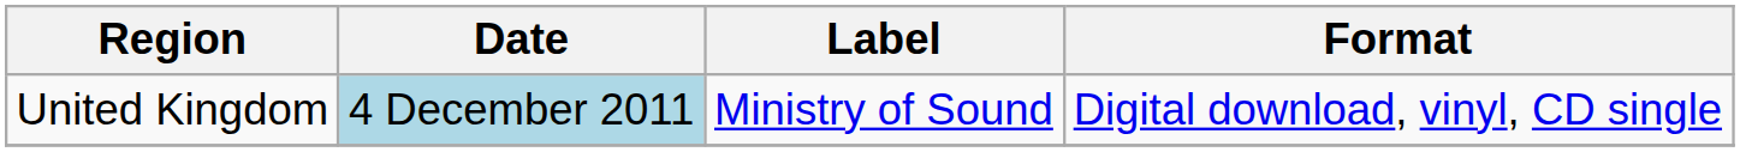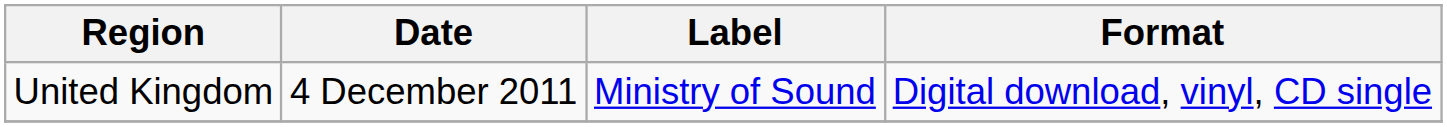 <table class=wikitable>
 <tr>
 <th>Region</th>
 <th>Date</th>
 <th>Label</th>
 <th>Format</th>
 </tr>
 <tr>
 <td>United Kingdom</td>
-<td style="background: lightblue;">4 December 2011</td>
+<td>4 December 2011</td>
 <td><a href='#'>Ministry of Sound</a></td>
 <td><a href='#'>Digital download</a>, <a href='#'>vinyl</a>, <a href='#'>CD single</a></td>
 </tr>
 <tr>
 </tr>
 </table>
